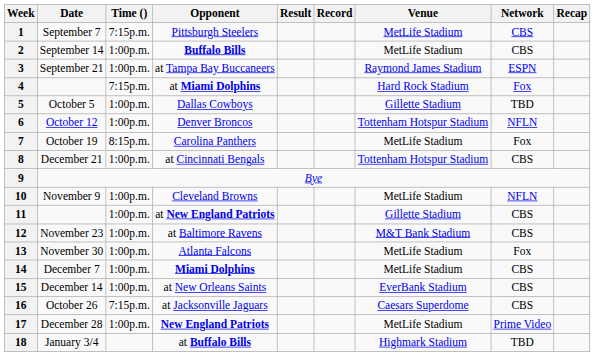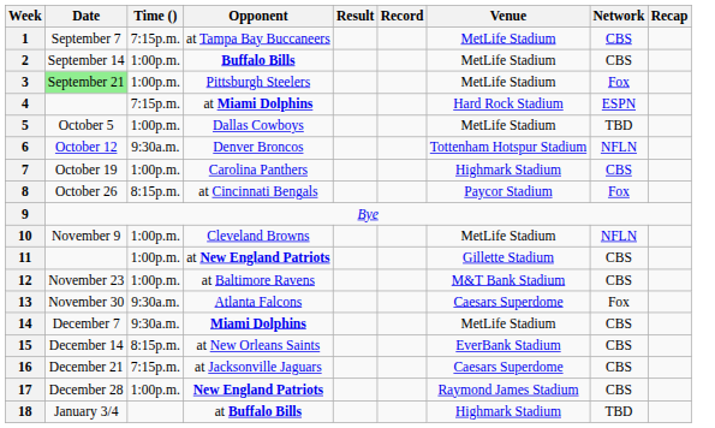 <table class="wikitable" style="text-align:center">
 <tr>
 <th>Week</th>
 <th>Date</th>
 <th>Time (<a href='#'></a>)</th>
 <th>Opponent</th>
 <th>Result</th>
 <th>Record</th>
 <th>Venue</th>
 <th>Network</th>
 <th>Recap</th>
 </tr>
 <tr>
 <th>1 </th>
 <td>September 7</td>
 <td>7:15p.m.</td>
-<td><a href='#'>Pittsburgh Steelers</a></td>
+<td>at <a href='#'>Tampa Bay Buccaneers</a></td>
 <td></td>
 <td></td>
 <td><a href='#'>MetLife Stadium</a></td>
 <td><a href='#'>CBS</a></td>
 <td></td>
 </tr>
 <tr>
 <th>2 </th>
 <td>September 14</td>
 <td>1:00p.m.</td>
 <td><strong><a href='#'>Buffalo Bills</a></strong></td>
 <td></td>
 <td></td>
 <td>MetLife Stadium</td>
 <td>CBS</td>
 <td></td>
 </tr>
 <tr>
 <th>3 </th>
-<td>September 21</td>
+<td style="background: lightgreen;">September 21</td>
 <td>1:00p.m.</td>
-<td>at <a href='#'>Tampa Bay Buccaneers</a></td>
+<td><a href='#'>Pittsburgh Steelers</a></td>
 <td></td>
 <td></td>
-<td><a href='#'>Raymond James Stadium</a></td>
-<td><a href='#'>ESPN</a></td>
+<td>MetLife Stadium</td>
+<td><a href='#'>Fox</a></td>
 <td></td>
 </tr>
 <tr>
 <th>4 </th>
 <td></td>
 <td>7:15p.m.</td>
 <td>at <strong><a href='#'>Miami Dolphins</a></strong></td>
 <td></td>
 <td></td>
 <td><a href='#'>Hard Rock Stadium</a></td>
-<td><a href='#'>Fox</a></td>
+<td><a href='#'>ESPN</a></td>
 <td></td>
 </tr>
 <tr>
 <th>5 </th>
 <td>October 5</td>
 <td>1:00p.m.</td>
 <td><a href='#'>Dallas Cowboys</a></td>
 <td></td>
 <td></td>
-<td><a href='#'>Gillette Stadium</a></td>
+<td>MetLife Stadium</td>
 <td>TBD</td>
 <td></td>
 </tr>
 <tr>
 <th>6 </th>
 <td><a href='#'>October 12</a></td>
-<td>1:00p.m.</td>
+<td>9:30a.m.</td>
 <td><a href='#'>Denver Broncos</a></td>
 <td></td>
 <td></td>
 <td> <a href='#'>Tottenham Hotspur Stadium</a> </td>
 <td><a href='#'>NFLN</a></td>
 <td></td>
 </tr>
 <tr>
 <th>7 </th>
 <td>October 19</td>
-<td>8:15p.m.</td>
+<td>1:00p.m.</td>
 <td><a href='#'>Carolina Panthers</a></td>
 <td></td>
 <td></td>
-<td>MetLife Stadium</td>
-<td>Fox</td>
+<td><a href='#'>Highmark Stadium</a></td>
+<td><a href='#'>CBS</a></td>
 <td></td>
 </tr>
 <tr>
 <th>8 </th>
-<td>December 21</td>
-<td>1:00p.m.</td>
+<td>October 26</td>
+<td>8:15p.m.</td>
 <td>at <a href='#'>Cincinnati Bengals</a></td>
 <td></td>
 <td></td>
-<td> <a href='#'>Tottenham Hotspur Stadium</a> </td>
-<td>CBS</td>
+<td><a href='#'>Paycor Stadium</a></td>
+<td><a href='#'>Fox</a></td>
 <td></td>
 </tr>
 <tr>
 <th>9</th>
 <td colspan=8><em><a href='#'>Bye</a></em></td>
 </tr>
 <tr>
 <th>10 </th>
 <td>November 9</td>
 <td>1:00p.m.</td>
 <td><a href='#'>Cleveland Browns</a></td>
 <td></td>
 <td></td>
 <td>MetLife Stadium</td>
 <td><a href='#'>NFLN</a></td>
 <td></td>
 </tr>
 <tr>
 <th>11 </th>
 <td></td>
 <td>1:00p.m.</td>
 <td>at <strong><a href='#'>New England Patriots</a></strong></td>
 <td></td>
 <td></td>
 <td><a href='#'>Gillette Stadium</a></td>
 <td>CBS</td>
 <td></td>
 </tr>
 <tr>
 <th>12 </th>
 <td>November 23</td>
 <td>1:00p.m.</td>
 <td>at <a href='#'>Baltimore Ravens</a></td>
 <td></td>
 <td></td>
 <td><a href='#'>M&T Bank Stadium</a></td>
 <td>CBS</td>
 <td></td>
 </tr>
 <tr>
 <th>13 </th>
 <td>November 30</td>
-<td>1:00p.m.</td>
+<td>9:30a.m.</td>
 <td><a href='#'>Atlanta Falcons</a></td>
 <td></td>
 <td></td>
-<td>MetLife Stadium</td>
+<td><a href='#'>Caesars Superdome</a></td>
 <td>Fox</td>
 <td></td>
 </tr>
 <tr>
 <th>14 </th>
 <td>December 7</td>
-<td>1:00p.m.</td>
+<td>9:30a.m.</td>
 <td><strong><a href='#'>Miami Dolphins</a></strong></td>
 <td></td>
 <td></td>
 <td>MetLife Stadium</td>
 <td>CBS</td>
 <td></td>
 </tr>
 <tr>
 <th>15 </th>
 <td>December 14</td>
-<td>1:00p.m.</td>
+<td>8:15p.m.</td>
 <td>at <a href='#'>New Orleans Saints</a></td>
 <td></td>
 <td></td>
 <td><a href='#'>EverBank Stadium</a></td>
 <td>CBS</td>
 <td></td>
 </tr>
 <tr>
 <th>16 </th>
-<td>October 26</td>
+<td>December 21</td>
 <td>7:15p.m.</td>
 <td>at <a href='#'>Jacksonville Jaguars</a></td>
 <td></td>
 <td></td>
 <td><a href='#'>Caesars Superdome</a></td>
 <td>CBS</td>
 <td></td>
 </tr>
 <tr>
 <th>17 </th>
 <td>December 28</td>
 <td>1:00p.m.</td>
 <td><strong><a href='#'>New England Patriots</a></strong></td>
 <td></td>
 <td></td>
-<td>MetLife Stadium</td>
-<td><a href='#'>Prime Video</a></td>
+<td><a href='#'>Raymond James Stadium</a></td>
+<td>CBS</td>
 <td></td>
 </tr>
 <tr>
 <th>18 </th>
 <td>January 3/4</td>
 <td></td>
 <td>at <strong><a href='#'>Buffalo Bills</a></strong></td>
 <td></td>
 <td></td>
 <td><a href='#'>Highmark Stadium</a></td>
 <td>TBD</td>
 <td></td>
 </tr>
 </table>
